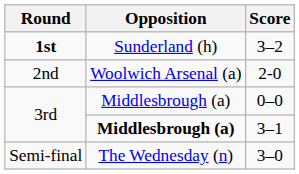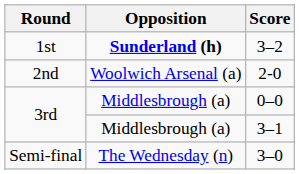 <table class="wikitable" align="right" style="text-align:center;margin-left:1em">
 <tr>
 <th>Round</th>
 <th>Opposition</th>
 <th>Score</th>
 </tr>
 <tr>
-<td><strong>1st</strong></td>
-<td><a href='#'>Sunderland</a> (h)</td>
+<td>1st</td>
+<td><strong><a href='#'>Sunderland</a> (h)</strong></td>
 <td>3–2</td>
 </tr>
 <tr>
 <td>2nd</td>
 <td><a href='#'>Woolwich Arsenal</a> (a)</td>
 <td>2-0</td>
 </tr>
 <tr>
 <td rowspan="2">3rd</td>
 <td><a href='#'>Middlesbrough</a> (a)</td>
 <td>0–0</td>
 </tr>
 <tr>
-<td><strong>Middlesbrough (a)</strong></td>
+<td>Middlesbrough (a)</td>
 <td>3–1</td>
 </tr>
 <tr>
 <td>Semi-final</td>
 <td><a href='#'>The Wednesday</a> (<a href='#'>n</a>)</td>
 <td>3–0</td>
 </tr>
 </table>
